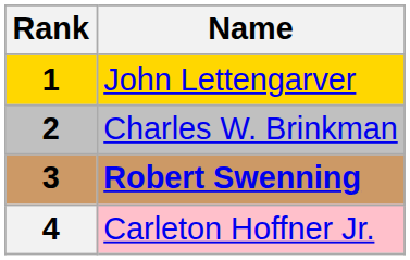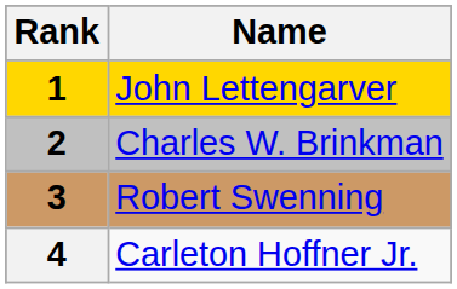 <table class="wikitable">
 <tr>
 <th>Rank</th>
 <th>Name</th>
 </tr>
 <tr bgcolor="gold">
 <td align="center"><strong>1</strong></td>
 <td><a href='#'>John Lettengarver</a></td>
 </tr>
 <tr bgcolor="silver">
 <td align="center"><strong>2</strong></td>
 <td><a href='#'>Charles W. Brinkman</a></td>
 </tr>
 <tr bgcolor="cc9966">
 <td align="center"><strong>3</strong></td>
-<td><strong><a href='#'>Robert Swenning</a></strong></td>
+<td><a href='#'>Robert Swenning</a></td>
 </tr>
 <tr>
 <th>4</th>
-<td style="background: pink;"><a href='#'>Carleton  Hoffner Jr.</a></td>
+<td><a href='#'>Carleton  Hoffner Jr.</a></td>
 </tr>
 </table>
